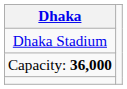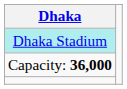 <table class="wikitable" style="text-align:center">
 <tr>
 <th><a href='#'>Dhaka</a></th>
 <td rowspan=4></td>
 </tr>
 <tr>
-<td><a href='#'>Dhaka Stadium</a></td>
+<td style="background: paleturquoise;"><a href='#'>Dhaka Stadium</a></td>
 </tr>
 <tr>
 <td>Capacity: <strong>36,000</strong></td>
 </tr>
 <tr>
 <td></td>
 </tr>
 </table>
